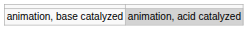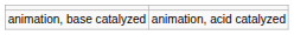 <table class="wikitable">
 <tr>
 <td></td>
 <td></td>
 </tr>
 <tr>
 <td>animation, base catalyzed</td>
-<td style="background: lightgrey;">animation, acid catalyzed</td>
+<td>animation, acid catalyzed</td>
 </tr>
 </table>
